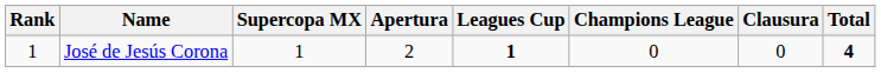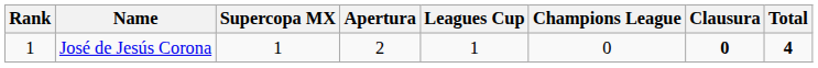 <table class="wikitable" style="text-align: center">
 <tr>
 <th>Rank</th>
 <th>Name</th>
 <th>Supercopa MX</th>
 <th>Apertura</th>
 <th>Leagues Cup</th>
 <th>Champions League</th>
 <th>Clausura</th>
 <th>Total</th>
 </tr>
 <tr>
 <td>1</td>
 <td align=left> <a href='#'>José de Jesús Corona</a></td>
 <td>1</td>
 <td>2</td>
-<td><strong>1</strong></td>
+<td>1</td>
 <td>0</td>
-<td>0</td>
+<td><strong>0</strong></td>
 <td><strong>4</strong></td>
 </tr>
 <tr>
 </tr>
 </table>
